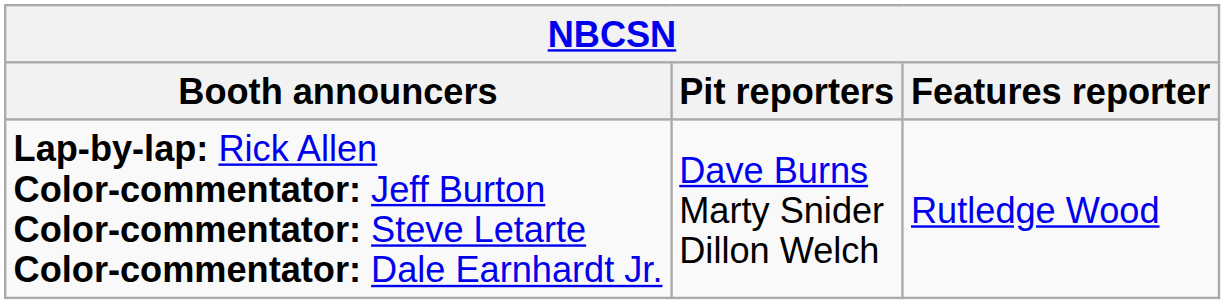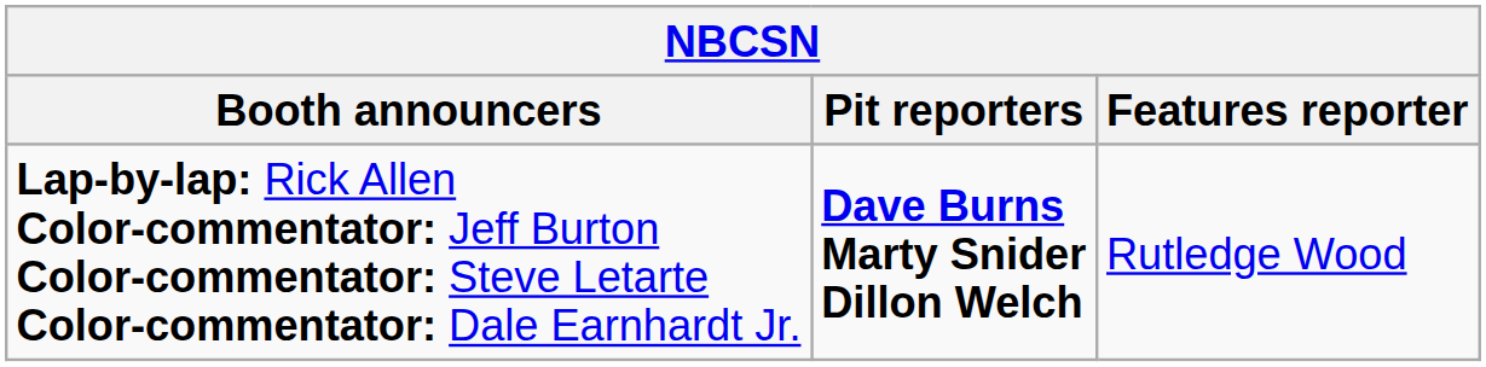 <table class="wikitable" style="font-size: 95%">
 <tr>
 <th colspan="3"><a href='#'>NBCSN</a></th>
 </tr>
 <tr>
 <th>Booth announcers</th>
 <th>Pit reporters</th>
 <th>Features reporter</th>
 </tr>
 <tr>
 <td><strong>Lap-by-lap:</strong> <a href='#'>Rick Allen</a><br><strong>Color-commentator:</strong> <a href='#'>Jeff Burton</a><br><strong>Color-commentator:</strong> <a href='#'>Steve Letarte</a><br><strong>Color-commentator:</strong> <a href='#'>Dale Earnhardt Jr.</a></td>
-<td><a href='#'>Dave Burns</a><br>Marty Snider<br>Dillon Welch</td>
+<td><strong><a href='#'>Dave Burns</a><br>Marty Snider<br>Dillon Welch</strong></td>
 <td><a href='#'>Rutledge Wood</a></td>
 </tr>
 </table>
